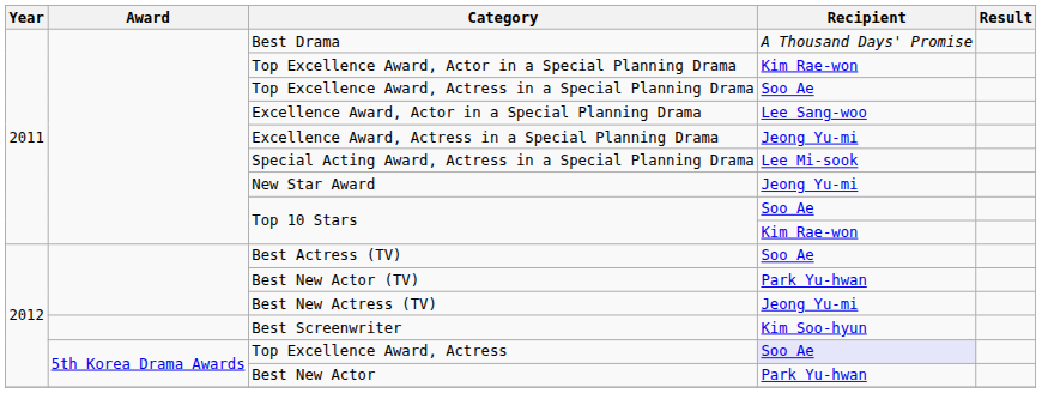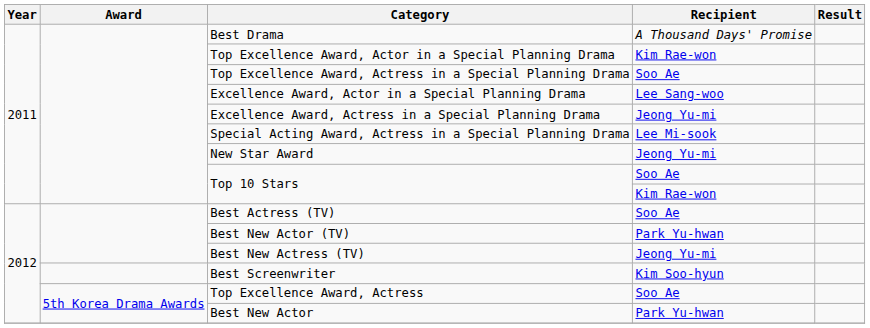 <table class="wikitable">
 <tr>
 <th>Year</th>
 <th>Award</th>
 <th>Category</th>
 <th>Recipient</th>
 <th>Result</th>
 </tr>
 <tr>
 <td rowspan=9>2011</td>
 <td rowspan=9></td>
 <td>Best Drama</td>
 <td><em>A Thousand Days' Promise</em></td>
 <td></td>
 </tr>
 <tr>
 <td>Top Excellence Award, Actor in a Special Planning Drama</td>
 <td><a href='#'>Kim Rae-won</a></td>
 <td></td>
 </tr>
 <tr>
 <td>Top Excellence Award, Actress in a Special Planning Drama</td>
 <td><a href='#'>Soo Ae</a></td>
 <td></td>
 </tr>
 <tr>
 <td>Excellence Award, Actor in a Special Planning Drama</td>
 <td><a href='#'>Lee Sang-woo</a></td>
 <td></td>
 </tr>
 <tr>
 <td>Excellence Award, Actress in a Special Planning Drama</td>
 <td><a href='#'>Jeong Yu-mi</a></td>
 <td></td>
 </tr>
 <tr>
 <td>Special Acting Award, Actress in a Special Planning Drama</td>
 <td><a href='#'>Lee Mi-sook</a></td>
 <td></td>
 </tr>
 <tr>
 <td>New Star Award</td>
 <td><a href='#'>Jeong Yu-mi</a></td>
 <td></td>
 </tr>
 <tr>
 <td rowspan=2>Top 10 Stars</td>
 <td><a href='#'>Soo Ae</a></td>
 <td></td>
 </tr>
 <tr>
 <td><a href='#'>Kim Rae-won</a></td>
 <td></td>
 </tr>
 <tr>
 <td rowspan=6>2012</td>
 <td rowspan=3></td>
 <td>Best Actress (TV)</td>
 <td><a href='#'>Soo Ae</a></td>
 <td></td>
 </tr>
 <tr>
 <td>Best New Actor (TV)</td>
 <td><a href='#'>Park Yu-hwan</a></td>
 <td></td>
 </tr>
 <tr>
 <td>Best New Actress (TV)</td>
 <td><a href='#'>Jeong Yu-mi</a></td>
 <td></td>
 </tr>
 <tr>
 <td></td>
 <td>Best Screenwriter</td>
 <td><a href='#'>Kim Soo-hyun</a></td>
 <td></td>
 </tr>
 <tr>
 <td rowspan=2 style="text-align:center;"><a href='#'>5th Korea Drama Awards</a></td>
 <td>Top Excellence Award, Actress</td>
-<td style="background: lavender;"><a href='#'>Soo Ae</a></td>
+<td><a href='#'>Soo Ae</a></td>
 <td></td>
 </tr>
 <tr>
 <td>Best New Actor</td>
 <td><a href='#'>Park Yu-hwan</a></td>
 <td></td>
 </tr>
 <tr>
 </tr>
 </table>
